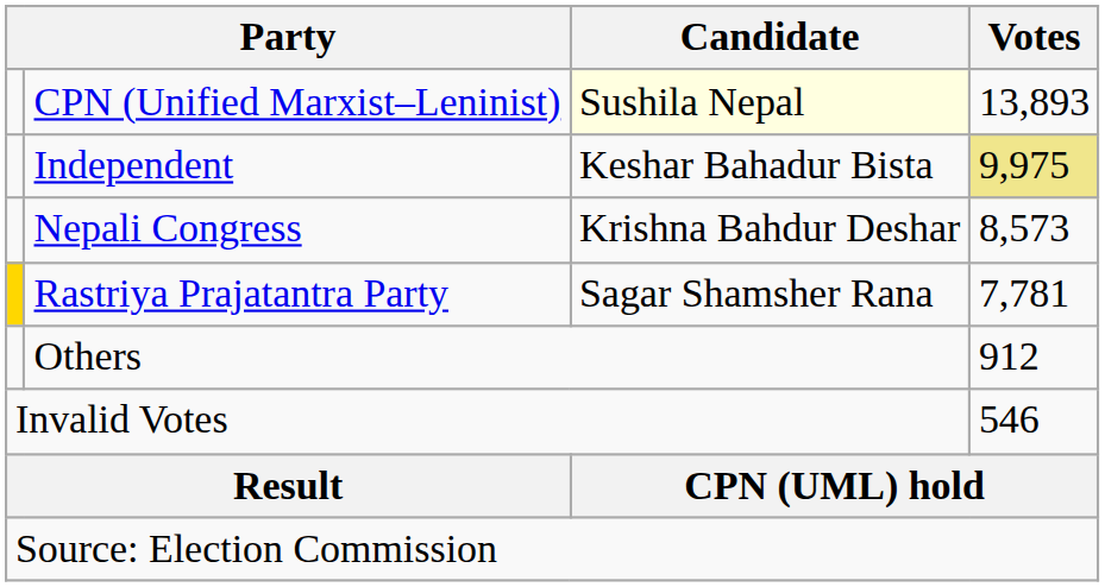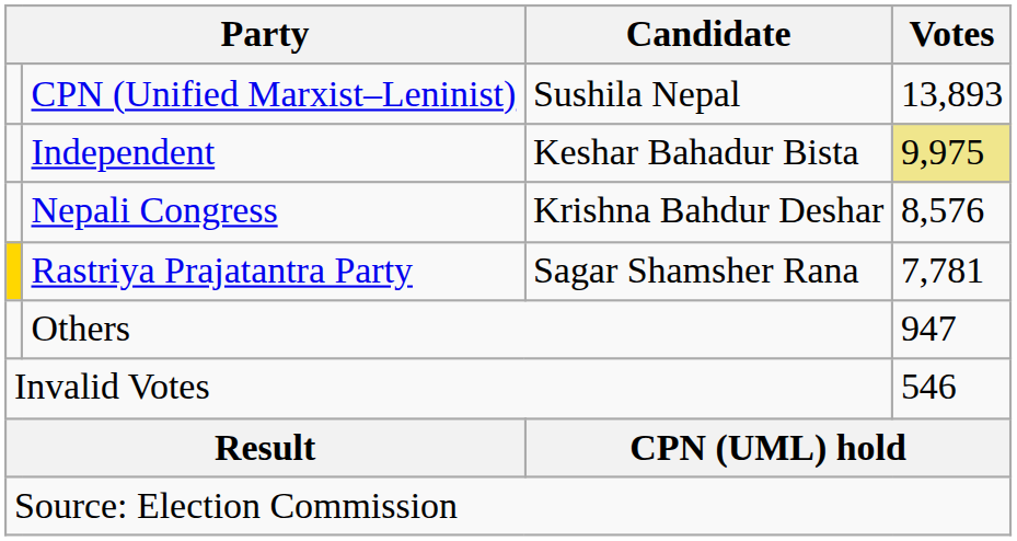 <table class="wikitable">
 <tr>
 <th colspan="2">Party</th>
 <th>Candidate</th>
 <th>Votes</th>
 </tr>
 <tr>
 <td style="background-color:"></td>
 <td><a href='#'>CPN (Unified Marxist–Leninist)</a></td>
-<td style="background: lightyellow;">Sushila Nepal</td>
+<td>Sushila Nepal</td>
 <td>13,893</td>
 </tr>
 <tr>
 <td style="background-color:"></td>
 <td><a href='#'>Independent</a></td>
 <td>Keshar Bahadur Bista</td>
 <td style="background: khaki;">9,975</td>
 </tr>
 <tr>
 <td style="background-color:"></td>
 <td><a href='#'>Nepali Congress</a></td>
 <td>Krishna Bahdur Deshar</td>
-<td>8,573</td>
+<td>8,576</td>
 </tr>
 <tr>
 <td style="background-color:gold"></td>
 <td><a href='#'>Rastriya Prajatantra Party</a></td>
 <td>Sagar Shamsher Rana</td>
 <td>7,781</td>
 </tr>
 <tr>
 <td></td>
 <td colspan="2">Others</td>
-<td>912</td>
+<td>947</td>
 </tr>
 <tr>
 <td colspan="3">Invalid Votes</td>
 <td>546</td>
 </tr>
 <tr>
 <th colspan="2">Result</th>
 <th colspan="2">CPN (UML) hold</th>
 </tr>
 <tr>
 <td colspan="4">Source: Election Commission</td>
 </tr>
 </table>
